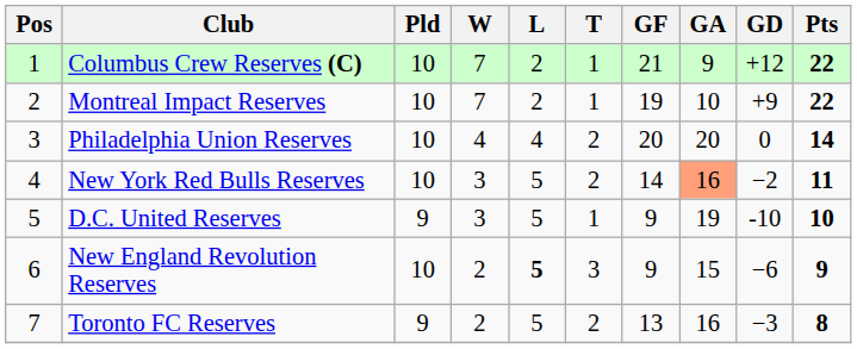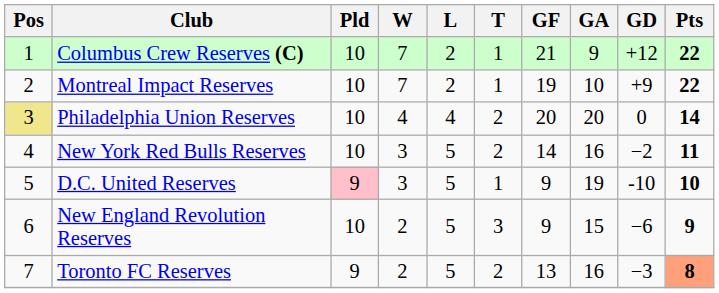 <table class="wikitable" style="text-align:center">
 <tr>
 <th width=30>Pos</th>
 <th width=210>Club</th>
 <th width=30>Pld</th>
 <th width=30>W</th>
 <th width=30>L</th>
 <th width=30>T</th>
 <th width=30>GF</th>
 <th width=30>GA</th>
 <th width=30>GD</th>
 <th width=30>Pts</th>
 </tr>
 <tr bgcolor=#ccffcc>
 <td>1</td>
 <td align="left"><a href='#'>Columbus Crew Reserves</a> <strong>(C)</strong></td>
 <td>10</td>
 <td>7</td>
 <td>2</td>
 <td>1</td>
 <td>21</td>
 <td>9</td>
 <td>+12</td>
 <td><strong>22</strong></td>
 </tr>
 <tr>
 <td>2</td>
 <td align="left"><a href='#'>Montreal Impact Reserves</a></td>
 <td>10</td>
 <td>7</td>
 <td>2</td>
 <td>1</td>
 <td>19</td>
 <td>10</td>
 <td>+9</td>
 <td><strong>22</strong></td>
 </tr>
 <tr>
-<td>3</td>
+<td style="background: khaki;">3</td>
 <td align="left"><a href='#'>Philadelphia Union Reserves</a></td>
 <td>10</td>
 <td>4</td>
 <td>4</td>
 <td>2</td>
 <td>20</td>
 <td>20</td>
 <td>0</td>
 <td><strong>14</strong></td>
 </tr>
 <tr>
 <td>4</td>
 <td align="left"><a href='#'>New York Red Bulls Reserves</a></td>
 <td>10</td>
 <td>3</td>
 <td>5</td>
 <td>2</td>
 <td>14</td>
-<td style="background: lightsalmon;">16</td>
+<td>16</td>
 <td>−2</td>
 <td><strong>11</strong></td>
 </tr>
 <tr>
 <td>5</td>
 <td align="left"><a href='#'>D.C. United Reserves</a></td>
-<td>9</td>
+<td style="background: pink;">9</td>
 <td>3</td>
 <td>5</td>
 <td>1</td>
 <td>9</td>
 <td>19</td>
 <td>-10</td>
 <td><strong>10</strong></td>
 </tr>
 <tr>
 <td>6</td>
 <td align="left"><a href='#'>New England Revolution Reserves</a></td>
 <td>10</td>
 <td>2</td>
-<td><strong>5</strong></td>
+<td>5</td>
 <td>3</td>
 <td>9</td>
 <td>15</td>
 <td>−6</td>
 <td><strong>9</strong></td>
 </tr>
 <tr>
 <td>7</td>
 <td align="left"><a href='#'>Toronto FC Reserves</a></td>
 <td>9</td>
 <td>2</td>
 <td>5</td>
 <td>2</td>
 <td>13</td>
 <td>16</td>
 <td>−3</td>
-<td><strong>8</strong></td>
+<td style="background: lightsalmon;"><strong>8</strong></td>
 </tr>
 <tr>
 </tr>
 </table>
